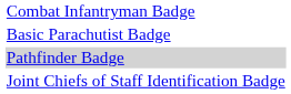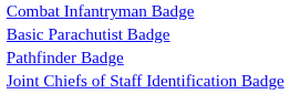 <table>
 <tr>
 <td> <a href='#'>Combat Infantryman Badge</a></td>
 </tr>
 <tr>
 <td> <a href='#'>Basic Parachutist Badge</a></td>
 </tr>
 <tr>
-<td style="background: lightgrey;"> <a href='#'>Pathfinder Badge</a></td>
+<td> <a href='#'>Pathfinder Badge</a></td>
 </tr>
 <tr>
 <td> <a href='#'>Joint Chiefs of Staff Identification Badge</a></td>
 </tr>
 </table>
